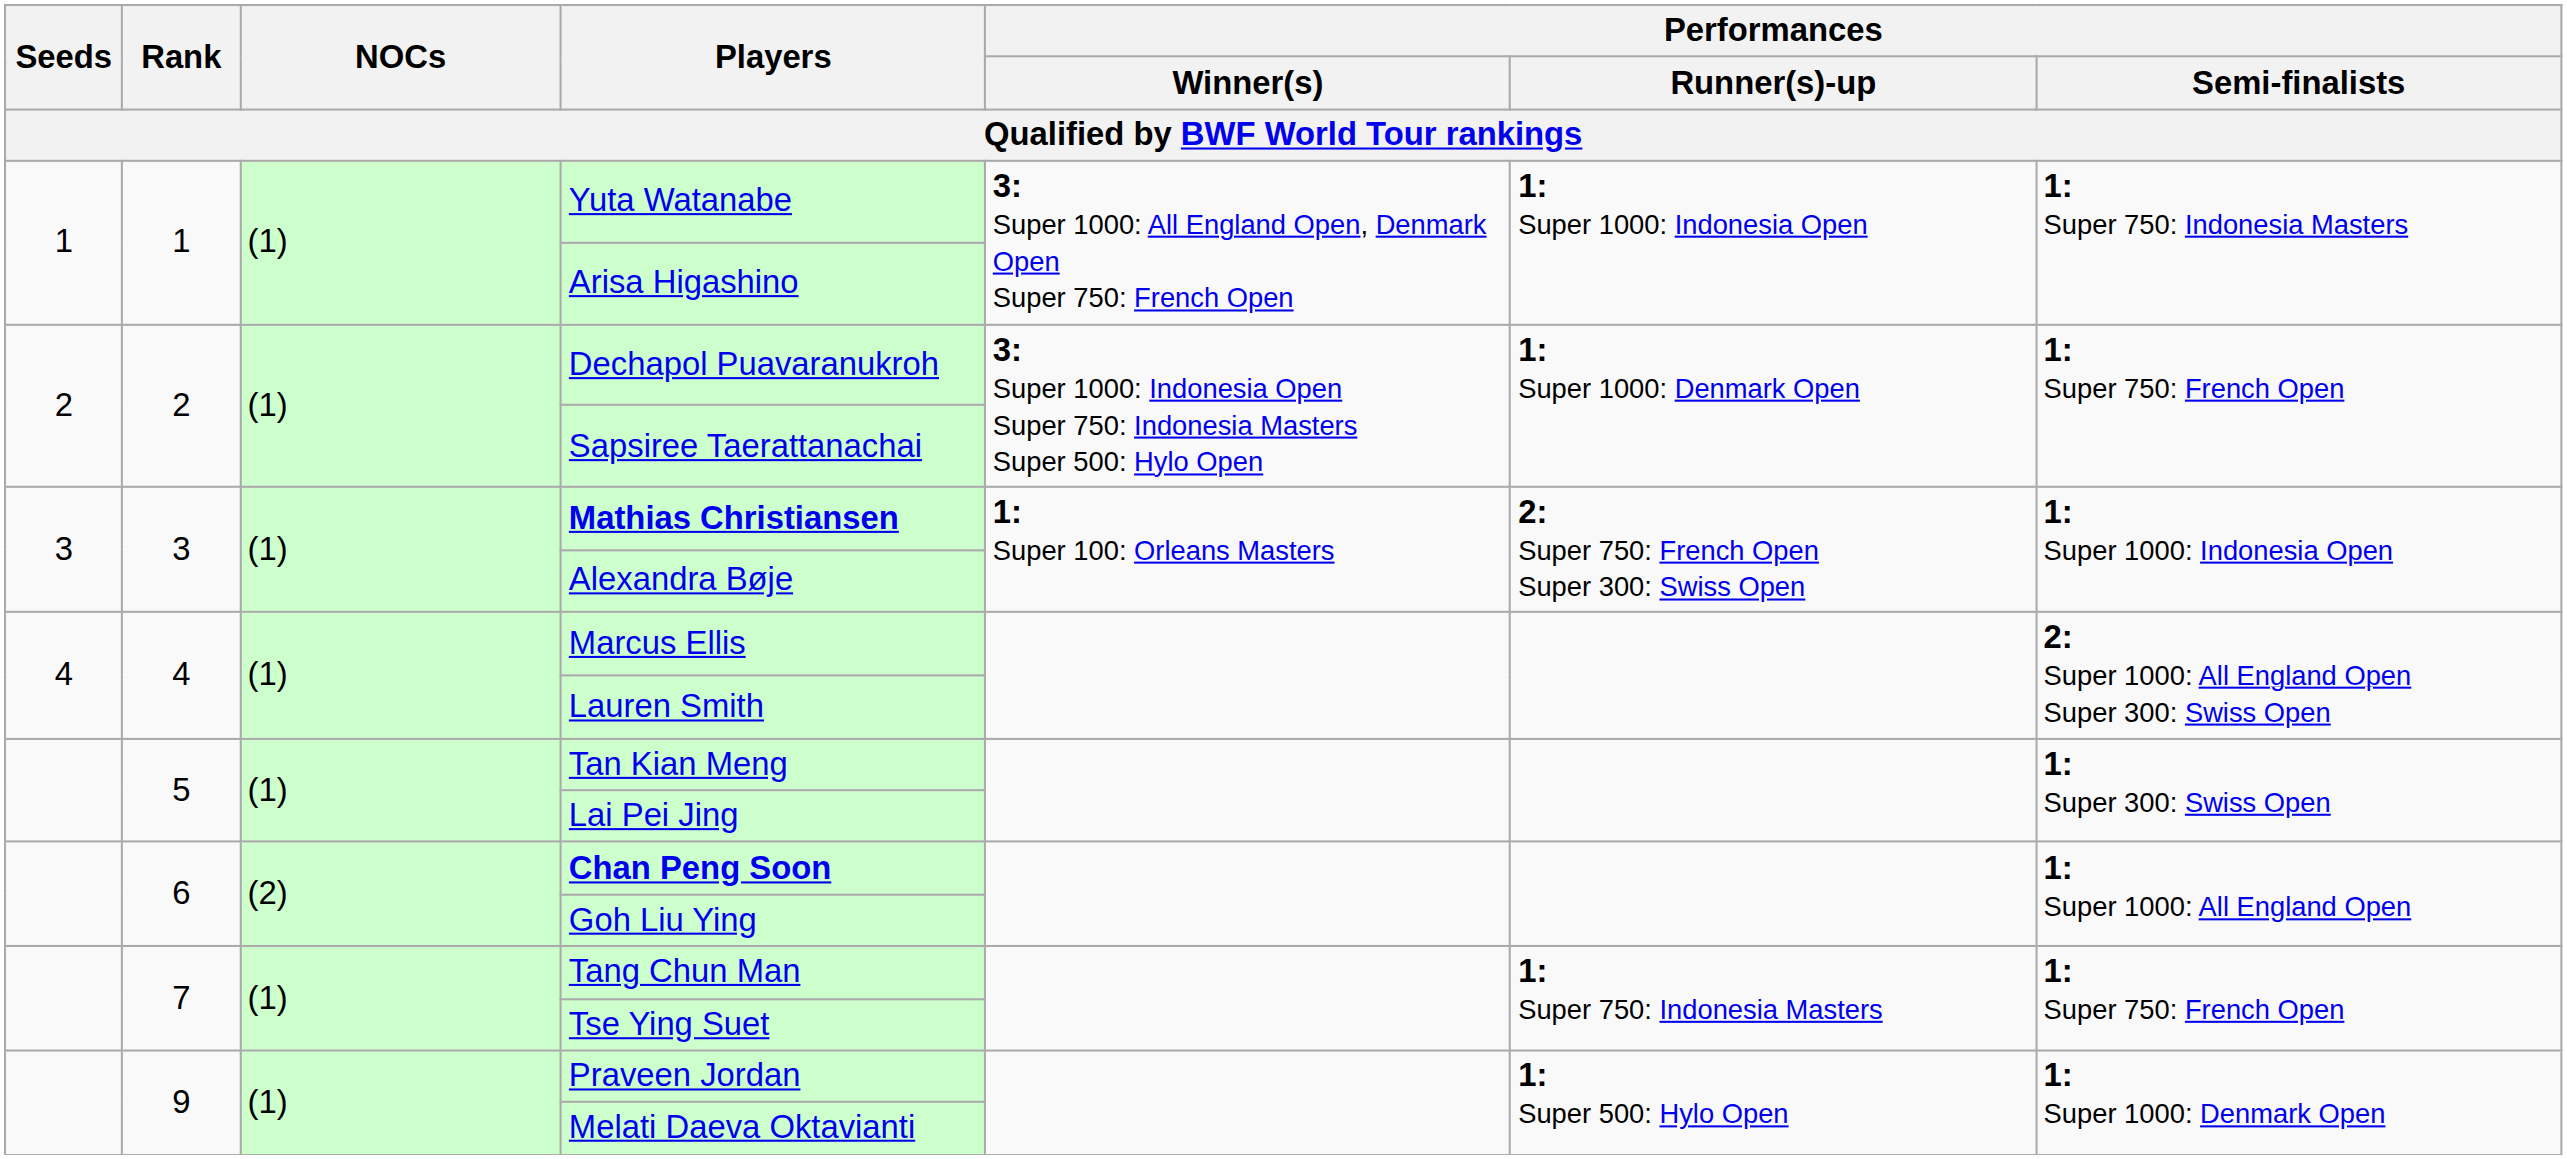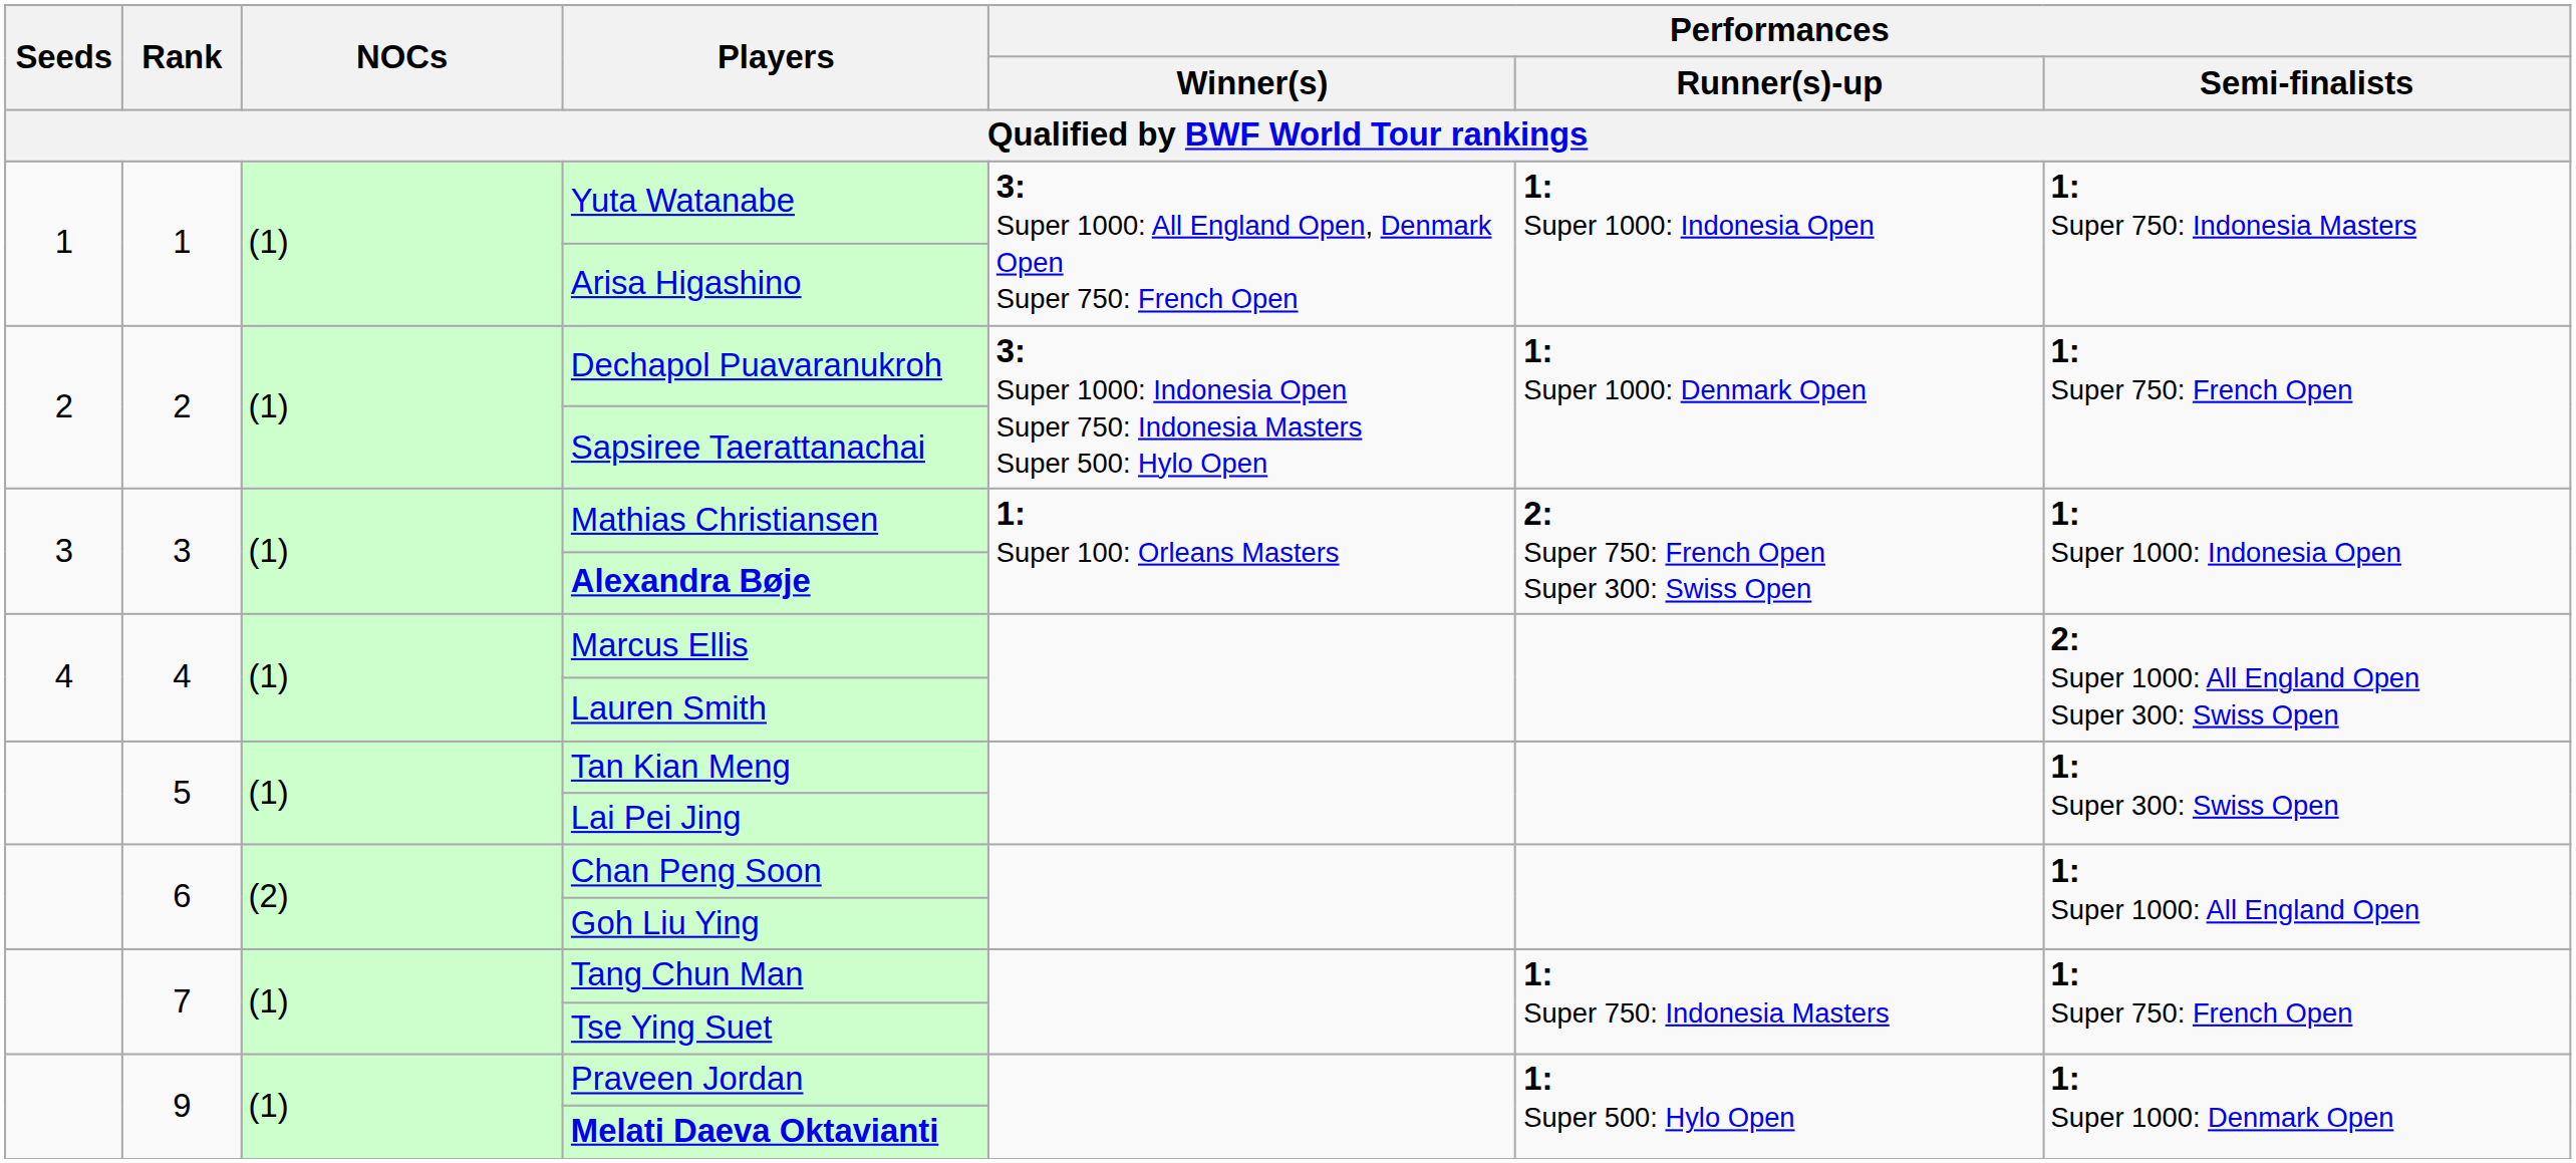 <table class="wikitable">
 <tr>
 <th rowspan="2" width="50">Seeds</th>
 <th rowspan="2" width="50">Rank</th>
 <th rowspan="2" width="150">NOCs</th>
 <th rowspan="2" width="200">Players</th>
 <th colspan="3">Performances</th>
 </tr>
 <tr>
 <th width="250">Winner(s)</th>
 <th width="250">Runner(s)-up</th>
 <th width="250">Semi-finalists</th>
 </tr>
 <tr>
 <th colspan="7">Qualified by <a href='#'>BWF World Tour rankings</a></th>
 </tr>
 <tr>
 <td align="center" rowspan="2">1</td>
 <td align="center" rowspan="2">1</td>
 <td bgcolor="#ccffcc" rowspan="2"> (1)</td>
 <td bgcolor="#ccffcc"><a href='#'>Yuta Watanabe</a></td>
 <td rowspan="2" valign="top"><strong>3:</strong><br><small>Super 1000: <a href='#'>All England Open</a>, <a href='#'>Denmark Open</a><br>Super 750: <a href='#'>French Open</a></small></td>
 <td rowspan="2" valign="top"><strong>1:</strong><br><small>Super 1000: <a href='#'>Indonesia Open</a></small></td>
 <td rowspan="2" valign="top"><strong>1:</strong><br><small>Super 750: <a href='#'>Indonesia Masters</a></small></td>
 </tr>
 <tr>
 <td bgcolor="#ccffcc"><a href='#'>Arisa Higashino</a></td>
 </tr>
 <tr>
 <td align="center" rowspan="2">2</td>
 <td align="center" rowspan="2">2</td>
 <td bgcolor="#ccffcc" rowspan="2"> (1)</td>
 <td bgcolor="#ccffcc"><a href='#'>Dechapol Puavaranukroh</a></td>
 <td rowspan="2" valign="top"><strong>3:</strong><br><small>Super 1000: <a href='#'>Indonesia Open</a><br>Super 750: <a href='#'>Indonesia Masters</a><br>Super 500: <a href='#'>Hylo Open</a></small></td>
 <td rowspan="2" valign="top"><strong>1:</strong><br><small>Super 1000: <a href='#'>Denmark Open</a></small></td>
 <td rowspan="2" valign="top"><strong>1:</strong><br><small>Super 750: <a href='#'>French Open</a></small></td>
 </tr>
 <tr>
 <td bgcolor="#ccffcc"><a href='#'>Sapsiree Taerattanachai</a></td>
 </tr>
 <tr>
 <td align="center" rowspan="2">3</td>
 <td align="center" rowspan="2">3</td>
 <td bgcolor="#ccffcc" rowspan="2"> (1)</td>
-<td bgcolor="#ccffcc"><strong><a href='#'>Mathias Christiansen</a></strong></td>
+<td bgcolor="#ccffcc"><a href='#'>Mathias Christiansen</a></td>
 <td rowspan="2" valign="top"><strong>1:</strong><br><small>Super 100: <a href='#'>Orleans Masters</a></small></td>
 <td rowspan="2" valign="top"><strong>2:</strong><br><small>Super 750: <a href='#'>French Open</a><br>Super 300: <a href='#'>Swiss Open</a></small></td>
 <td rowspan="2" valign="top"><strong>1:</strong><br><small>Super 1000: <a href='#'>Indonesia Open</a></small></td>
 </tr>
 <tr>
-<td bgcolor="#ccffcc"><a href='#'>Alexandra Bøje</a></td>
+<td bgcolor="#ccffcc"><strong><a href='#'>Alexandra Bøje</a></strong></td>
 </tr>
 <tr>
 <td align="center" rowspan="2">4</td>
 <td align="center" rowspan="2">4</td>
 <td bgcolor="#ccffcc" rowspan="2"> (1)</td>
 <td bgcolor="#ccffcc"><a href='#'>Marcus Ellis</a></td>
 <td rowspan="2" valign="top"></td>
 <td rowspan="2" valign="top"></td>
 <td rowspan="2" valign="top"><strong>2:</strong><br><small>Super 1000: <a href='#'>All England Open</a><br>Super 300: <a href='#'>Swiss Open</a></small></td>
 </tr>
 <tr>
 <td bgcolor="#ccffcc"><a href='#'>Lauren Smith</a></td>
 </tr>
 <tr>
 <td align="center" rowspan="2"></td>
 <td align="center" rowspan="2">5</td>
 <td bgcolor="#ccffcc" rowspan="2"> (1)</td>
 <td bgcolor="#ccffcc"><a href='#'>Tan Kian Meng</a></td>
 <td rowspan="2" valign="top"></td>
 <td rowspan="2" valign="top"></td>
 <td rowspan="2" valign="top"><strong>1:</strong><br><small>Super 300: <a href='#'>Swiss Open</a></small></td>
 </tr>
 <tr>
 <td bgcolor="#ccffcc"><a href='#'>Lai Pei Jing</a></td>
 </tr>
 <tr>
 <td align="center" rowspan="2"></td>
 <td align="center" rowspan="2">6</td>
 <td bgcolor="#ccffcc" rowspan="2"> (2)</td>
-<td bgcolor="#ccffcc"><strong><a href='#'>Chan Peng Soon</a></strong></td>
+<td bgcolor="#ccffcc"><a href='#'>Chan Peng Soon</a></td>
 <td rowspan="2" valign="top"></td>
 <td rowspan="2" valign="top"></td>
 <td rowspan="2" valign="top"><strong>1:</strong><br><small>Super 1000: <a href='#'>All England Open</a></small></td>
 </tr>
 <tr>
 <td bgcolor="#ccffcc"><a href='#'>Goh Liu Ying</a></td>
 </tr>
 <tr>
 <td align="center" rowspan="2"></td>
 <td align="center" rowspan="2">7</td>
 <td bgcolor="#ccffcc" rowspan="2"> (1)</td>
 <td bgcolor="#ccffcc"><a href='#'>Tang Chun Man</a></td>
 <td rowspan="2" valign="top"></td>
 <td rowspan="2" valign="top"><strong>1:</strong><br><small>Super 750: <a href='#'>Indonesia Masters</a></small></td>
 <td rowspan="2" valign="top"><strong>1:</strong><br><small>Super 750: <a href='#'>French Open</a></small></td>
 </tr>
 <tr>
 <td bgcolor="#ccffcc"><a href='#'>Tse Ying Suet</a></td>
 </tr>
 <tr>
 <td align="center" rowspan="2"></td>
 <td align="center" rowspan="2">9</td>
 <td bgcolor="#ccffcc" rowspan="2"> (1)</td>
 <td bgcolor="#ccffcc"><a href='#'>Praveen Jordan</a></td>
 <td rowspan="2" valign="top"></td>
 <td rowspan="2" valign="top"><strong>1:</strong><br><small>Super 500: <a href='#'>Hylo Open</a></small></td>
 <td rowspan="2" valign="top"><strong>1:</strong><br><small>Super 1000: <a href='#'>Denmark Open</a></small></td>
 </tr>
 <tr>
-<td bgcolor="#ccffcc"><a href='#'>Melati Daeva Oktavianti</a></td>
+<td bgcolor="#ccffcc"><strong><a href='#'>Melati Daeva Oktavianti</a></strong></td>
 </tr>
 </table>
